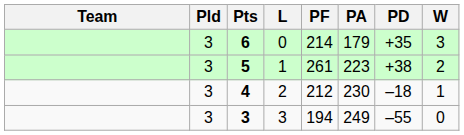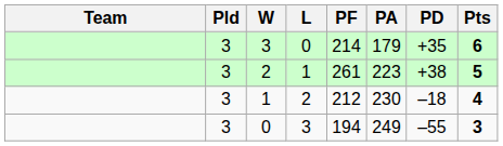 <table class=wikitable style="text-align:center">
 <tr>
 <th width=180>Team</th>
 <th width=30>Pld</th>
-<th width=30>Pts</th>
+<th width=30>W</th>
 <th width=30>L</th>
 <th width=30>PF</th>
 <th width=30>PA</th>
 <th width=40>PD</th>
-<th width=30>W</th>
+<th width=30>Pts</th>
 </tr>
 <tr bgcolor="#ccffcc">
 <td align="left"></td>
 <td>3</td>
-<td><strong>6</strong></td>
+<td>3</td>
 <td>0</td>
 <td>214</td>
 <td>179</td>
 <td>+35</td>
-<td>3</td>
+<td><strong>6</strong></td>
 </tr>
 <tr bgcolor="#ccffcc">
 <td align="left"></td>
 <td>3</td>
-<td><strong>5</strong></td>
+<td>2</td>
 <td>1</td>
 <td>261</td>
 <td>223</td>
 <td>+38</td>
-<td>2</td>
+<td><strong>5</strong></td>
 </tr>
 <tr>
 <td align="left"></td>
 <td>3</td>
-<td><strong>4</strong></td>
+<td>1</td>
 <td>2</td>
 <td>212</td>
 <td>230</td>
 <td>–18</td>
-<td>1</td>
+<td><strong>4</strong></td>
 </tr>
 <tr>
 <td align="left"></td>
 <td>3</td>
-<td><strong>3</strong></td>
+<td>0</td>
 <td>3</td>
 <td>194</td>
 <td>249</td>
 <td>–55</td>
-<td>0</td>
+<td><strong>3</strong></td>
 </tr>
 </table>
